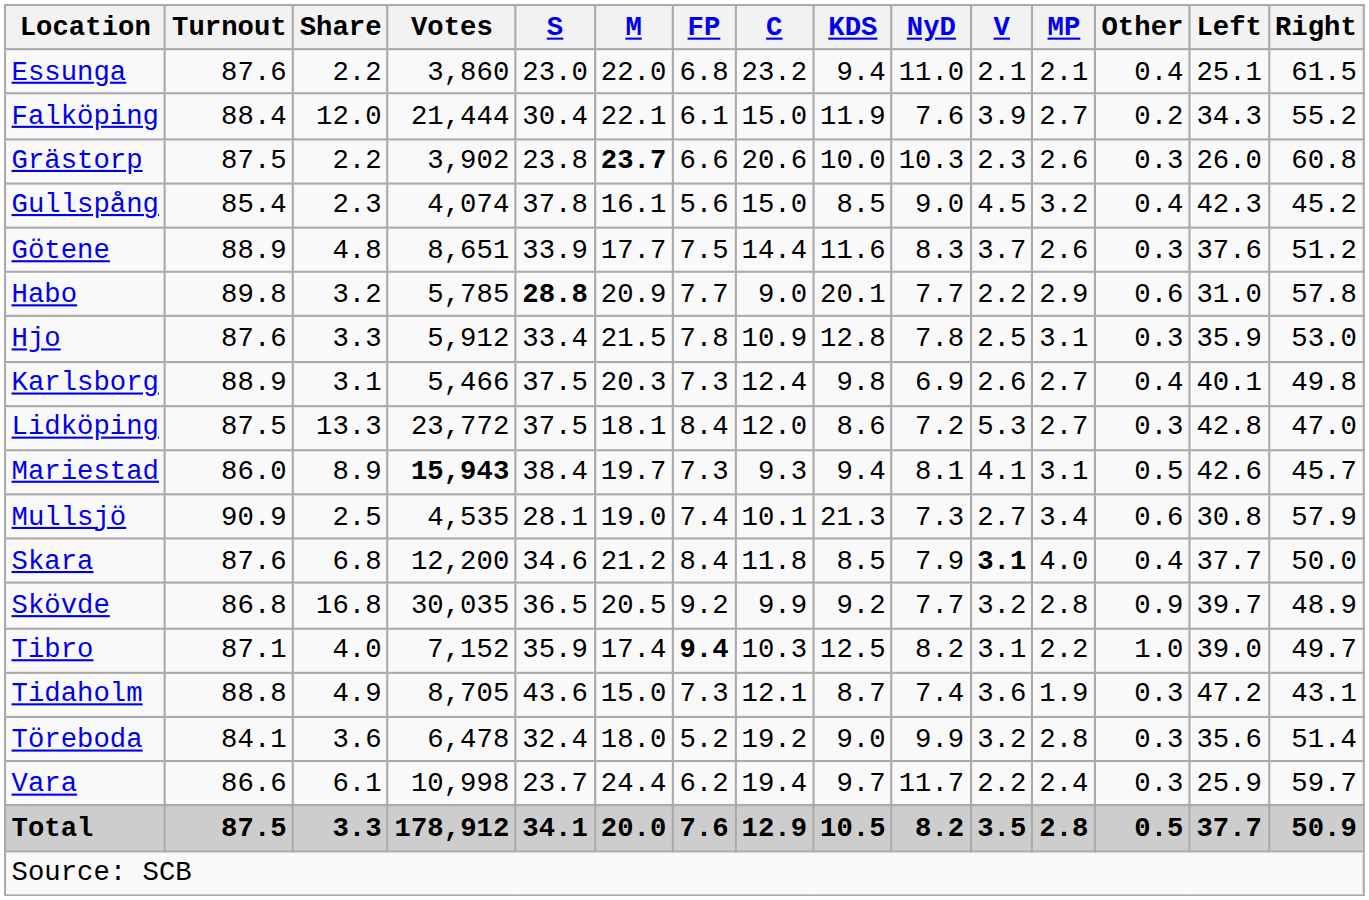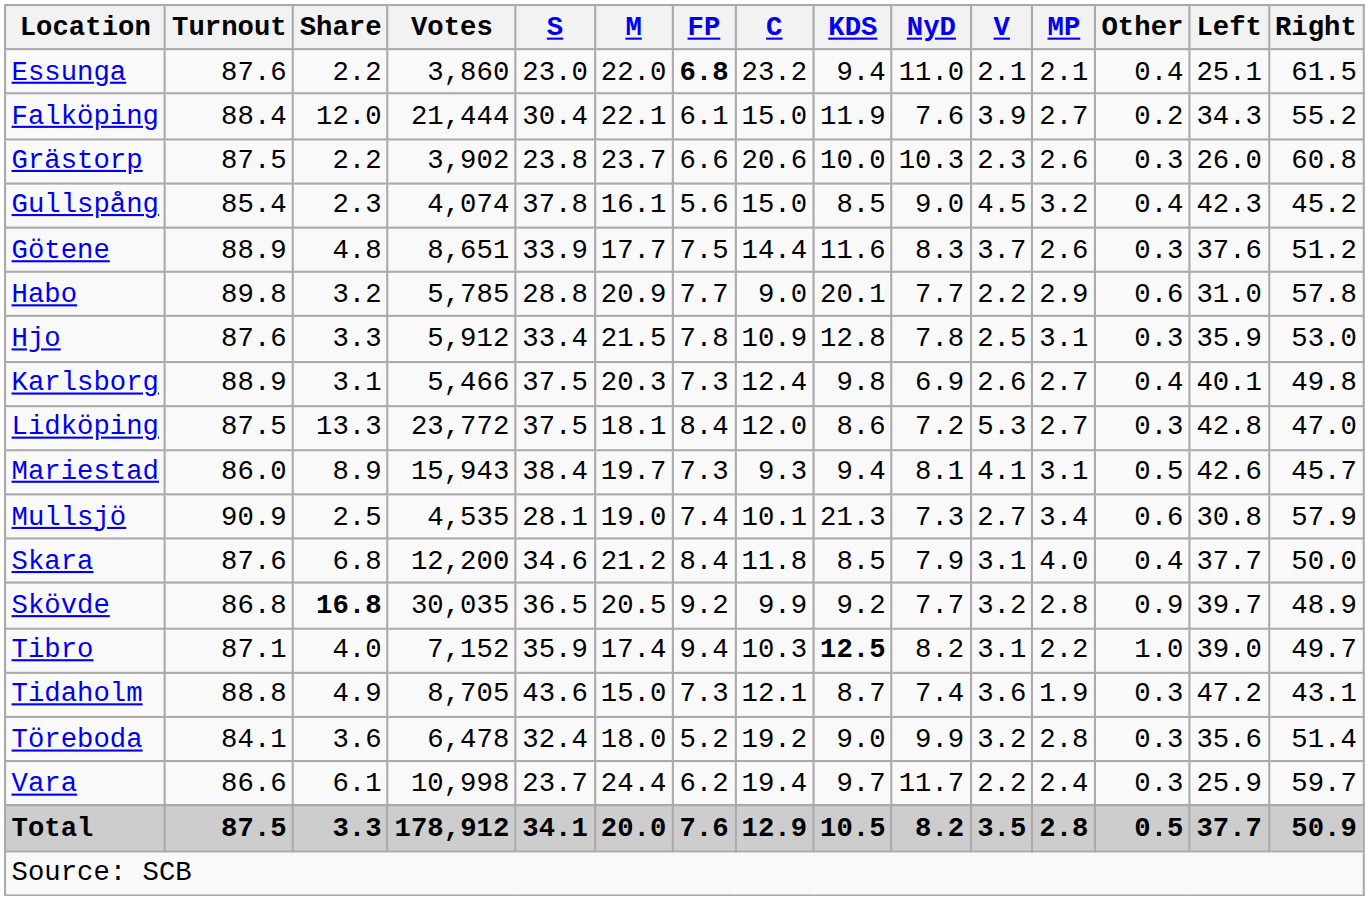 <table class="wikitable sortable" style=text-align:right>
 <tr>
 <th>Location</th>
 <th>Turnout</th>
 <th>Share</th>
 <th>Votes</th>
 <th><a href='#'>S</a></th>
 <th><a href='#'>M</a></th>
 <th><a href='#'>FP</a></th>
 <th><a href='#'>C</a></th>
 <th><a href='#'>KDS</a></th>
 <th><a href='#'>NyD</a></th>
 <th><a href='#'>V</a></th>
 <th><a href='#'>MP</a></th>
 <th>Other</th>
 <th>Left</th>
 <th>Right</th>
 </tr>
 <tr>
 <td align=left><a href='#'>Essunga</a></td>
 <td>87.6</td>
 <td>2.2</td>
 <td>3,860</td>
 <td>23.0</td>
 <td>22.0</td>
-<td>6.8</td>
+<td><strong>6.8</strong></td>
 <td>23.2</td>
 <td>9.4</td>
 <td>11.0</td>
 <td>2.1</td>
 <td>2.1</td>
 <td>0.4</td>
 <td>25.1</td>
 <td>61.5</td>
 </tr>
 <tr>
 <td align=left><a href='#'>Falköping</a></td>
 <td>88.4</td>
 <td>12.0</td>
 <td>21,444</td>
 <td>30.4</td>
 <td>22.1</td>
 <td>6.1</td>
 <td>15.0</td>
 <td>11.9</td>
 <td>7.6</td>
 <td>3.9</td>
 <td>2.7</td>
 <td>0.2</td>
 <td>34.3</td>
 <td>55.2</td>
 </tr>
 <tr>
 <td align=left><a href='#'>Grästorp</a></td>
 <td>87.5</td>
 <td>2.2</td>
 <td>3,902</td>
 <td>23.8</td>
-<td><strong>23.7</strong></td>
+<td>23.7</td>
 <td>6.6</td>
 <td>20.6</td>
 <td>10.0</td>
 <td>10.3</td>
 <td>2.3</td>
 <td>2.6</td>
 <td>0.3</td>
 <td>26.0</td>
 <td>60.8</td>
 </tr>
 <tr>
 <td align=left><a href='#'>Gullspång</a></td>
 <td>85.4</td>
 <td>2.3</td>
 <td>4,074</td>
 <td>37.8</td>
 <td>16.1</td>
 <td>5.6</td>
 <td>15.0</td>
 <td>8.5</td>
 <td>9.0</td>
 <td>4.5</td>
 <td>3.2</td>
 <td>0.4</td>
 <td>42.3</td>
 <td>45.2</td>
 </tr>
 <tr>
 <td align=left><a href='#'>Götene</a></td>
 <td>88.9</td>
 <td>4.8</td>
 <td>8,651</td>
 <td>33.9</td>
 <td>17.7</td>
 <td>7.5</td>
 <td>14.4</td>
 <td>11.6</td>
 <td>8.3</td>
 <td>3.7</td>
 <td>2.6</td>
 <td>0.3</td>
 <td>37.6</td>
 <td>51.2</td>
 </tr>
 <tr>
 <td align=left><a href='#'>Habo</a></td>
 <td>89.8</td>
 <td>3.2</td>
 <td>5,785</td>
-<td><strong>28.8</strong></td>
+<td>28.8</td>
 <td>20.9</td>
 <td>7.7</td>
 <td>9.0</td>
 <td>20.1</td>
 <td>7.7</td>
 <td>2.2</td>
 <td>2.9</td>
 <td>0.6</td>
 <td>31.0</td>
 <td>57.8</td>
 </tr>
 <tr>
 <td align=left><a href='#'>Hjo</a></td>
 <td>87.6</td>
 <td>3.3</td>
 <td>5,912</td>
 <td>33.4</td>
 <td>21.5</td>
 <td>7.8</td>
 <td>10.9</td>
 <td>12.8</td>
 <td>7.8</td>
 <td>2.5</td>
 <td>3.1</td>
 <td>0.3</td>
 <td>35.9</td>
 <td>53.0</td>
 </tr>
 <tr>
 <td align=left><a href='#'>Karlsborg</a></td>
 <td>88.9</td>
 <td>3.1</td>
 <td>5,466</td>
 <td>37.5</td>
 <td>20.3</td>
 <td>7.3</td>
 <td>12.4</td>
 <td>9.8</td>
 <td>6.9</td>
 <td>2.6</td>
 <td>2.7</td>
 <td>0.4</td>
 <td>40.1</td>
 <td>49.8</td>
 </tr>
 <tr>
 <td align=left><a href='#'>Lidköping</a></td>
 <td>87.5</td>
 <td>13.3</td>
 <td>23,772</td>
 <td>37.5</td>
 <td>18.1</td>
 <td>8.4</td>
 <td>12.0</td>
 <td>8.6</td>
 <td>7.2</td>
 <td>5.3</td>
 <td>2.7</td>
 <td>0.3</td>
 <td>42.8</td>
 <td>47.0</td>
 </tr>
 <tr>
 <td align=left><a href='#'>Mariestad</a></td>
 <td>86.0</td>
 <td>8.9</td>
-<td><strong>15,943</strong></td>
+<td>15,943</td>
 <td>38.4</td>
 <td>19.7</td>
 <td>7.3</td>
 <td>9.3</td>
 <td>9.4</td>
 <td>8.1</td>
 <td>4.1</td>
 <td>3.1</td>
 <td>0.5</td>
 <td>42.6</td>
 <td>45.7</td>
 </tr>
 <tr>
 <td align=left><a href='#'>Mullsjö</a></td>
 <td>90.9</td>
 <td>2.5</td>
 <td>4,535</td>
 <td>28.1</td>
 <td>19.0</td>
 <td>7.4</td>
 <td>10.1</td>
 <td>21.3</td>
 <td>7.3</td>
 <td>2.7</td>
 <td>3.4</td>
 <td>0.6</td>
 <td>30.8</td>
 <td>57.9</td>
 </tr>
 <tr>
 <td align=left><a href='#'>Skara</a></td>
 <td>87.6</td>
 <td>6.8</td>
 <td>12,200</td>
 <td>34.6</td>
 <td>21.2</td>
 <td>8.4</td>
 <td>11.8</td>
 <td>8.5</td>
 <td>7.9</td>
-<td><strong>3.1</strong></td>
+<td>3.1</td>
 <td>4.0</td>
 <td>0.4</td>
 <td>37.7</td>
 <td>50.0</td>
 </tr>
 <tr>
 <td align=left><a href='#'>Skövde</a></td>
 <td>86.8</td>
-<td>16.8</td>
+<td><strong>16.8</strong></td>
 <td>30,035</td>
 <td>36.5</td>
 <td>20.5</td>
 <td>9.2</td>
 <td>9.9</td>
 <td>9.2</td>
 <td>7.7</td>
 <td>3.2</td>
 <td>2.8</td>
 <td>0.9</td>
 <td>39.7</td>
 <td>48.9</td>
 </tr>
 <tr>
 <td align=left><a href='#'>Tibro</a></td>
 <td>87.1</td>
 <td>4.0</td>
 <td>7,152</td>
 <td>35.9</td>
 <td>17.4</td>
-<td><strong>9.4</strong></td>
+<td>9.4</td>
 <td>10.3</td>
-<td>12.5</td>
+<td><strong>12.5</strong></td>
 <td>8.2</td>
 <td>3.1</td>
 <td>2.2</td>
 <td>1.0</td>
 <td>39.0</td>
 <td>49.7</td>
 </tr>
 <tr>
 <td align=left><a href='#'>Tidaholm</a></td>
 <td>88.8</td>
 <td>4.9</td>
 <td>8,705</td>
 <td>43.6</td>
 <td>15.0</td>
 <td>7.3</td>
 <td>12.1</td>
 <td>8.7</td>
 <td>7.4</td>
 <td>3.6</td>
 <td>1.9</td>
 <td>0.3</td>
 <td>47.2</td>
 <td>43.1</td>
 </tr>
 <tr>
 <td align=left><a href='#'>Töreboda</a></td>
 <td>84.1</td>
 <td>3.6</td>
 <td>6,478</td>
 <td>32.4</td>
 <td>18.0</td>
 <td>5.2</td>
 <td>19.2</td>
 <td>9.0</td>
 <td>9.9</td>
 <td>3.2</td>
 <td>2.8</td>
 <td>0.3</td>
 <td>35.6</td>
 <td>51.4</td>
 </tr>
 <tr>
 <td align=left><a href='#'>Vara</a></td>
 <td>86.6</td>
 <td>6.1</td>
 <td>10,998</td>
 <td>23.7</td>
 <td>24.4</td>
 <td>6.2</td>
 <td>19.4</td>
 <td>9.7</td>
 <td>11.7</td>
 <td>2.2</td>
 <td>2.4</td>
 <td>0.3</td>
 <td>25.9</td>
 <td>59.7</td>
 </tr>
 <tr>
 </tr>
 <tr style="background:#CDCDCD;">
 <td align=left><strong>Total</strong></td>
 <td><strong>87.5</strong></td>
 <td><strong>3.3</strong></td>
 <td><strong>178,912</strong></td>
 <td><strong>34.1</strong></td>
 <td><strong>20.0</strong></td>
 <td><strong>7.6</strong></td>
 <td><strong>12.9</strong></td>
 <td><strong>10.5</strong></td>
 <td><strong>8.2</strong></td>
 <td><strong>3.5</strong></td>
 <td><strong>2.8</strong></td>
 <td><strong>0.5</strong></td>
 <td><strong>37.7</strong></td>
 <td><strong>50.9</strong></td>
 </tr>
 <tr>
 <td align=left colspan=15>Source: SCB </td>
 </tr>
 </table>
